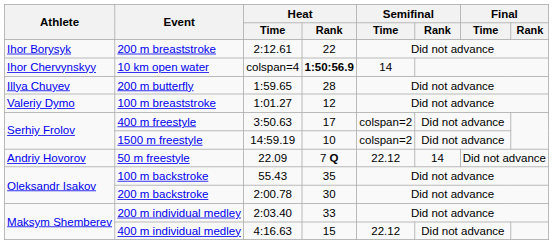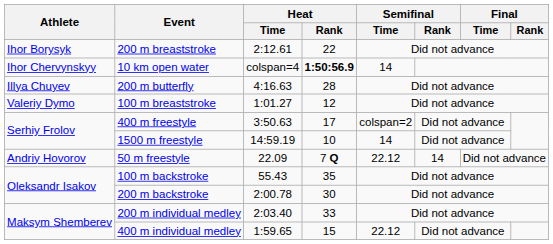 <table class=wikitable style="font-size:90%">
 <tr>
 <th rowspan="2">Athlete</th>
 <th rowspan="2">Event</th>
 <th colspan="2">Heat</th>
 <th colspan="2">Semifinal</th>
 <th colspan="2">Final</th>
 </tr>
 <tr style="font-size:95%">
 <th>Time</th>
 <th>Rank</th>
 <th>Time</th>
 <th>Rank</th>
 <th>Time</th>
 <th>Rank</th>
 </tr>
 <tr align=center>
 <td align=left><a href='#'>Ihor Borysyk</a></td>
 <td align=left><a href='#'>200 m breaststroke</a></td>
 <td>2:12.61</td>
 <td>22</td>
 <td colspan=4>Did not advance</td>
 </tr>
 <tr align=center>
 <td align=left><a href='#'>Ihor Chervynskyy</a></td>
 <td align=left><a href='#'>10 km open water</a></td>
 <td>colspan=4 </td>
 <td><strong>1:50:56.9</strong></td>
 <td>14</td>
 </tr>
 <tr align=center>
 <td align=left><a href='#'>Illya Chuyev</a></td>
 <td align=left><a href='#'>200 m butterfly</a></td>
-<td>1:59.65</td>
+<td>4:16.63</td>
 <td>28</td>
 <td colspan=4>Did not advance</td>
 </tr>
 <tr align=center>
 <td align=left><a href='#'>Valeriy Dymo</a></td>
 <td align=left><a href='#'>100 m breaststroke</a></td>
 <td>1:01.27</td>
 <td>12</td>
 <td colspan=4>Did not advance</td>
 </tr>
 <tr align=center>
 <td align=left rowspan=2><a href='#'>Serhiy Frolov</a></td>
 <td align=left><a href='#'>400 m freestyle</a></td>
 <td>3:50.63</td>
 <td>17</td>
 <td>colspan=2 </td>
 <td colspan=2>Did not advance</td>
 </tr>
 <tr align=center>
 <td align=left><a href='#'>1500 m freestyle</a></td>
 <td>14:59.19</td>
 <td>10</td>
-<td>colspan=2 </td>
+<td>14</td>
 <td colspan=2>Did not advance</td>
 </tr>
 <tr align=center>
 <td align=left><a href='#'>Andriy Hovorov</a></td>
 <td align=left><a href='#'>50 m freestyle</a></td>
 <td>22.09</td>
 <td>7 <strong>Q</strong></td>
 <td>22.12</td>
 <td>14</td>
 <td colspan=2>Did not advance</td>
 </tr>
 <tr align=center>
 <td align=left rowspan=2><a href='#'>Oleksandr Isakov</a></td>
 <td align=left><a href='#'>100 m backstroke</a></td>
 <td>55.43</td>
 <td>35</td>
 <td colspan=4>Did not advance</td>
 </tr>
 <tr align=center>
 <td align=left><a href='#'>200 m backstroke</a></td>
 <td>2:00.78</td>
 <td>30</td>
 <td colspan=4>Did not advance</td>
 </tr>
 <tr align=center>
 <td align=left rowspan=2><a href='#'>Maksym Shemberev</a></td>
 <td align=left><a href='#'>200 m individual medley</a></td>
 <td>2:03.40</td>
 <td>33</td>
 <td colspan=4>Did not advance</td>
 </tr>
 <tr align=center>
 <td align=left><a href='#'>400 m individual medley</a></td>
-<td>4:16.63</td>
+<td>1:59.65</td>
 <td>15</td>
 <td>22.12</td>
 <td colspan=2>Did not advance</td>
 </tr>
 </table>
